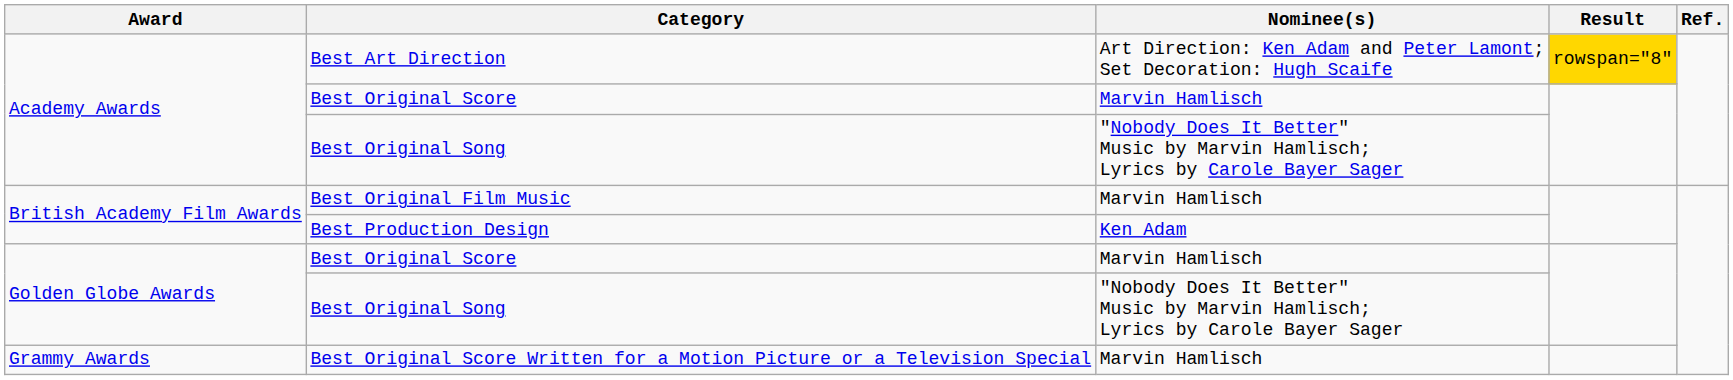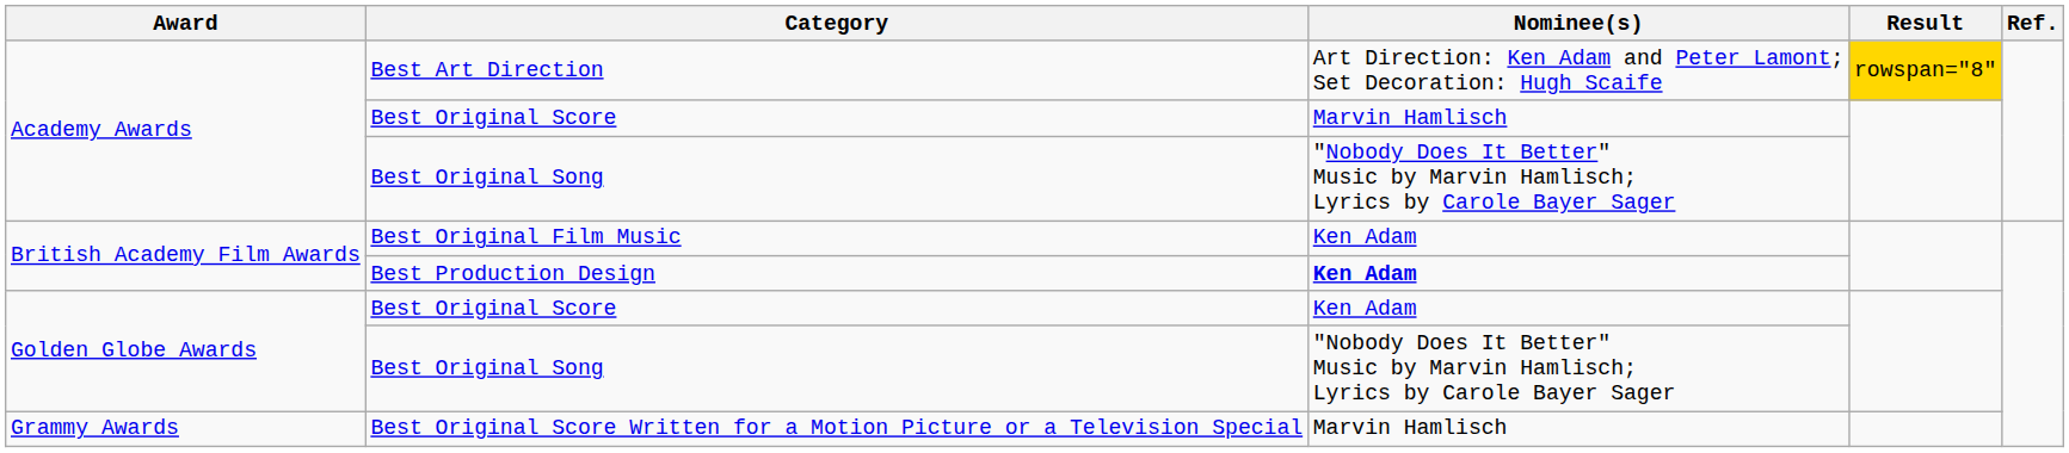 <table class="wikitable plainrowheaders">
 <tr>
 <th>Award</th>
 <th>Category</th>
 <th>Nominee(s)</th>
 <th>Result</th>
 <th>Ref.</th>
 </tr>
 <tr>
 <td rowspan="3"><a href='#'>Academy Awards</a></td>
 <td><a href='#'>Best Art Direction</a></td>
 <td>Art Direction: <a href='#'>Ken Adam</a> and <a href='#'>Peter Lamont</a>; <br> Set Decoration: <a href='#'>Hugh Scaife</a></td>
 <td style="background: gold;">rowspan="8" </td>
 <td align="center" rowspan="3"></td>
 </tr>
 <tr>
 <td><a href='#'>Best Original Score</a></td>
 <td><a href='#'>Marvin Hamlisch</a></td>
 </tr>
 <tr>
 <td><a href='#'>Best Original Song</a></td>
 <td>"<a href='#'>Nobody Does It Better</a>" <br> Music by Marvin Hamlisch; <br> Lyrics by <a href='#'>Carole Bayer Sager</a></td>
 </tr>
 <tr>
 <td rowspan="2"><a href='#'>British Academy Film Awards</a></td>
 <td><a href='#'>Best Original Film Music</a></td>
-<td>Marvin Hamlisch</td>
+<td><a href='#'>Ken Adam</a></td>
 <td align="center" rowspan="2"></td>
 </tr>
 <tr>
 <td><a href='#'>Best Production Design</a></td>
-<td><a href='#'>Ken Adam</a></td>
+<td><strong><a href='#'>Ken Adam</a></strong></td>
 </tr>
 <tr>
 <td rowspan="2"><a href='#'>Golden Globe Awards</a></td>
 <td><a href='#'>Best Original Score</a></td>
-<td>Marvin Hamlisch</td>
+<td><a href='#'>Ken Adam</a></td>
 <td align="center" rowspan="2"></td>
 </tr>
 <tr>
 <td><a href='#'>Best Original Song</a></td>
 <td>"Nobody Does It Better" <br> Music by Marvin Hamlisch; <br> Lyrics by Carole Bayer Sager</td>
 </tr>
 <tr>
 <td><a href='#'>Grammy Awards</a></td>
 <td><a href='#'>Best Original Score Written for a Motion Picture or a Television Special</a></td>
 <td>Marvin Hamlisch</td>
 <td align="center"></td>
 </tr>
 </table>
